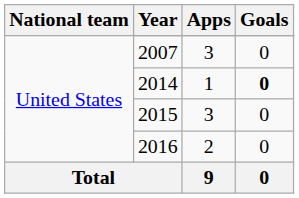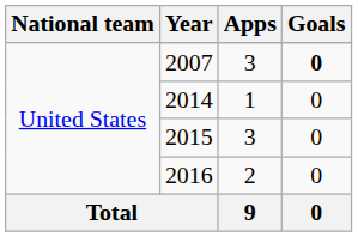 <table class=wikitable style=text-align:center>
 <tr>
 <th>National team</th>
 <th>Year</th>
 <th>Apps</th>
 <th>Goals</th>
 </tr>
 <tr>
 <td rowspan="5"><a href='#'>United States</a></td>
 </tr>
 <tr>
 <td>2007</td>
 <td>3</td>
-<td>0</td>
+<td><strong>0</strong></td>
 </tr>
 <tr>
 <td>2014</td>
 <td>1</td>
-<td><strong>0</strong></td>
+<td>0</td>
 </tr>
 <tr>
 <td>2015</td>
 <td>3</td>
 <td>0</td>
 </tr>
 <tr>
 <td>2016</td>
 <td>2</td>
 <td>0</td>
 </tr>
 <tr>
 <th colspan="2">Total</th>
 <th>9</th>
 <th>0</th>
 </tr>
 </table>
